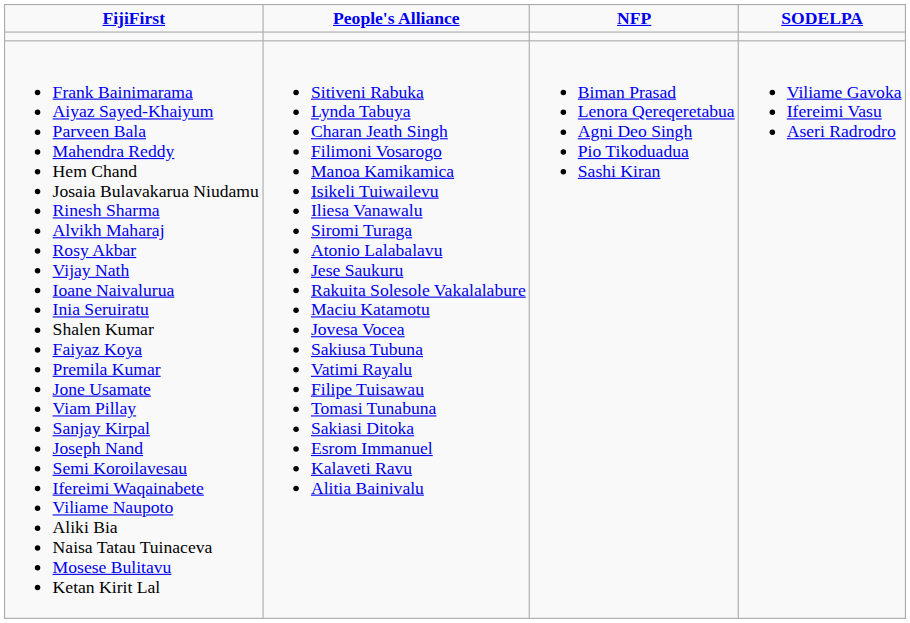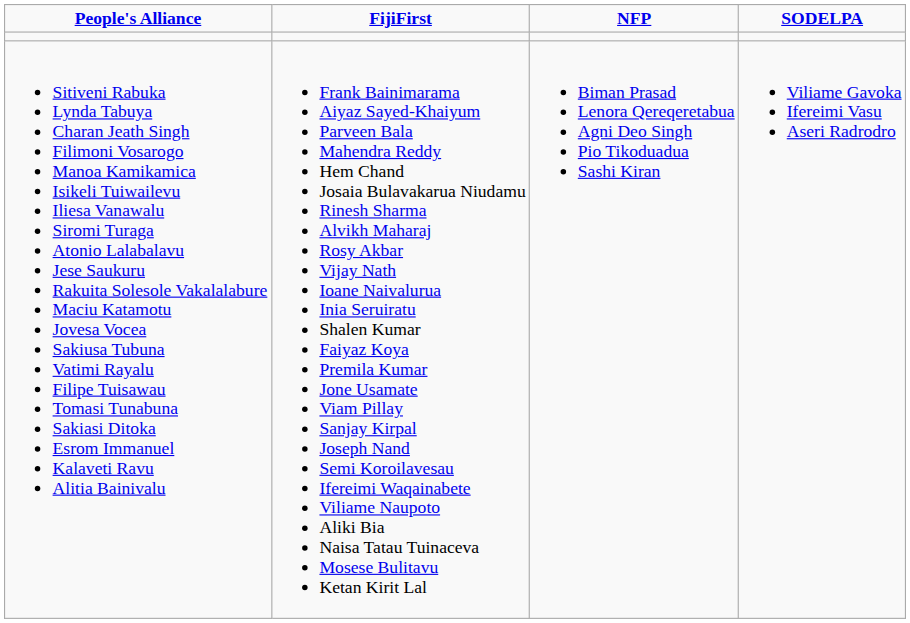 <table class="wikitable sortable">
 <tr>
+<td align=center><strong><a href='#'>People's Alliance</a></strong></td>
 <td align=center><strong><a href='#'>FijiFirst</a></strong></td>
-<td align=center><strong><a href='#'>People's Alliance</a></strong></td>
 <td align=center><strong><a href='#'>NFP</a></strong></td>
 <td align=center><strong><a href='#'>SODELPA</a></strong></td>
 </tr>
 <tr>
 <td></td>
 <td></td>
 <td></td>
 <td></td>
 </tr>
 <tr>
+<td valign=top><br><ul><li><a href='#'>Sitiveni Rabuka</a></li><li><a href='#'>Lynda Tabuya</a></li><li><a href='#'>Charan Jeath Singh</a></li><li><a href='#'>Filimoni Vosarogo</a></li><li><a href='#'>Manoa Kamikamica</a></li><li><a href='#'>Isikeli Tuiwailevu</a></li><li><a href='#'>Iliesa Vanawalu</a></li><li><a href='#'>Siromi Turaga</a></li><li><a href='#'>Atonio Lalabalavu</a></li><li><a href='#'>Jese Saukuru</a></li><li><a href='#'>Rakuita Solesole Vakalalabure</a></li><li><a href='#'>Maciu Katamotu</a></li><li><a href='#'>Jovesa Vocea</a></li><li><a href='#'>Sakiusa Tubuna</a></li><li><a href='#'>Vatimi Rayalu</a></li><li><a href='#'>Filipe Tuisawau</a></li><li><a href='#'>Tomasi Tunabuna</a></li><li><a href='#'>Sakiasi Ditoka</a></li><li><a href='#'>Esrom Immanuel</a></li><li><a href='#'>Kalaveti Ravu</a></li><li><a href='#'>Alitia Bainivalu</a></li></ul></td>
 <td valign=top><br><ul><li><a href='#'>Frank Bainimarama</a></li><li><a href='#'>Aiyaz Sayed-Khaiyum</a></li><li><a href='#'>Parveen Bala</a></li><li><a href='#'>Mahendra Reddy</a></li><li>Hem Chand</li><li>Josaia Bulavakarua Niudamu</li><li><a href='#'>Rinesh Sharma</a></li><li><a href='#'>Alvikh Maharaj</a></li><li><a href='#'>Rosy Akbar</a></li><li><a href='#'>Vijay Nath</a></li><li><a href='#'>Ioane Naivalurua</a></li><li><a href='#'>Inia Seruiratu</a></li><li>Shalen Kumar</li><li><a href='#'>Faiyaz Koya</a></li><li><a href='#'>Premila Kumar</a></li><li><a href='#'>Jone Usamate</a></li><li><a href='#'>Viam Pillay</a></li><li><a href='#'>Sanjay Kirpal</a></li><li><a href='#'>Joseph Nand</a></li><li><a href='#'>Semi Koroilavesau</a></li><li><a href='#'>Ifereimi Waqainabete</a></li><li><a href='#'>Viliame Naupoto</a></li><li>Aliki Bia</li><li>Naisa Tatau Tuinaceva</li><li><a href='#'>Mosese Bulitavu</a></li><li>Ketan Kirit Lal</li></ul></td>
-<td valign=top><br><ul><li><a href='#'>Sitiveni Rabuka</a></li><li><a href='#'>Lynda Tabuya</a></li><li><a href='#'>Charan Jeath Singh</a></li><li><a href='#'>Filimoni Vosarogo</a></li><li><a href='#'>Manoa Kamikamica</a></li><li><a href='#'>Isikeli Tuiwailevu</a></li><li><a href='#'>Iliesa Vanawalu</a></li><li><a href='#'>Siromi Turaga</a></li><li><a href='#'>Atonio Lalabalavu</a></li><li><a href='#'>Jese Saukuru</a></li><li><a href='#'>Rakuita Solesole Vakalalabure</a></li><li><a href='#'>Maciu Katamotu</a></li><li><a href='#'>Jovesa Vocea</a></li><li><a href='#'>Sakiusa Tubuna</a></li><li><a href='#'>Vatimi Rayalu</a></li><li><a href='#'>Filipe Tuisawau</a></li><li><a href='#'>Tomasi Tunabuna</a></li><li><a href='#'>Sakiasi Ditoka</a></li><li><a href='#'>Esrom Immanuel</a></li><li><a href='#'>Kalaveti Ravu</a></li><li><a href='#'>Alitia Bainivalu</a></li></ul></td>
 <td valign=top><br><ul><li><a href='#'>Biman Prasad</a></li><li><a href='#'>Lenora Qereqeretabua</a></li><li><a href='#'>Agni Deo Singh</a></li><li><a href='#'>Pio Tikoduadua</a></li><li><a href='#'>Sashi Kiran</a></li></ul></td>
 <td valign=top><br><ul><li><a href='#'>Viliame Gavoka</a></li><li><a href='#'>Ifereimi Vasu</a></li><li><a href='#'>Aseri Radrodro</a></li></ul></td>
 </tr>
 </table>
